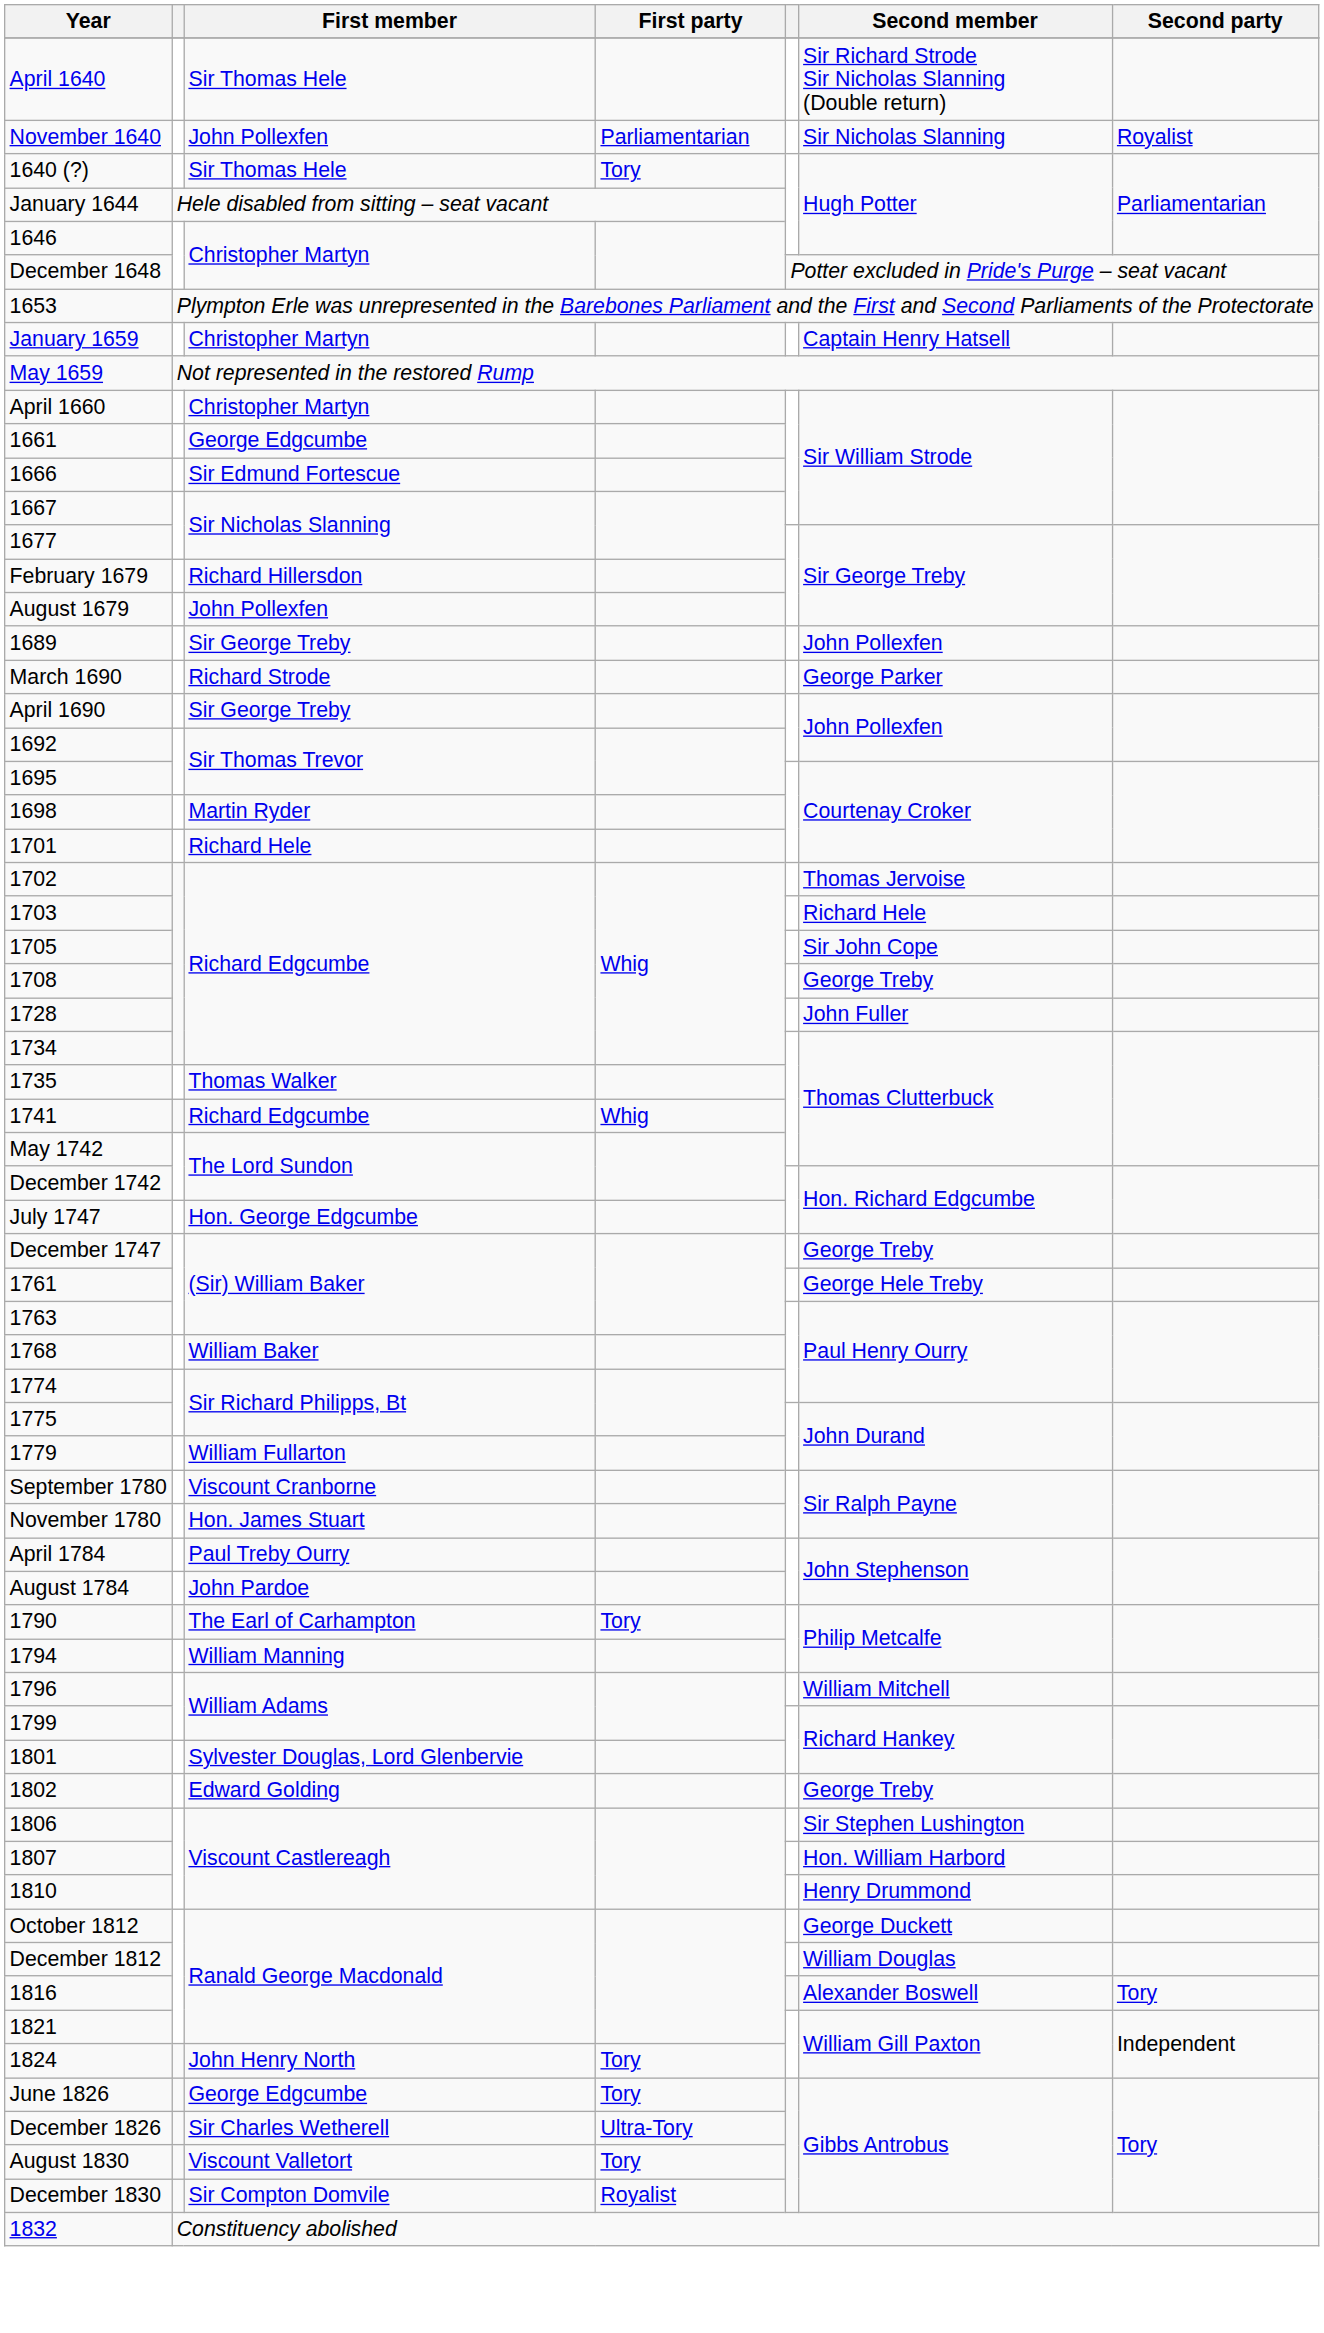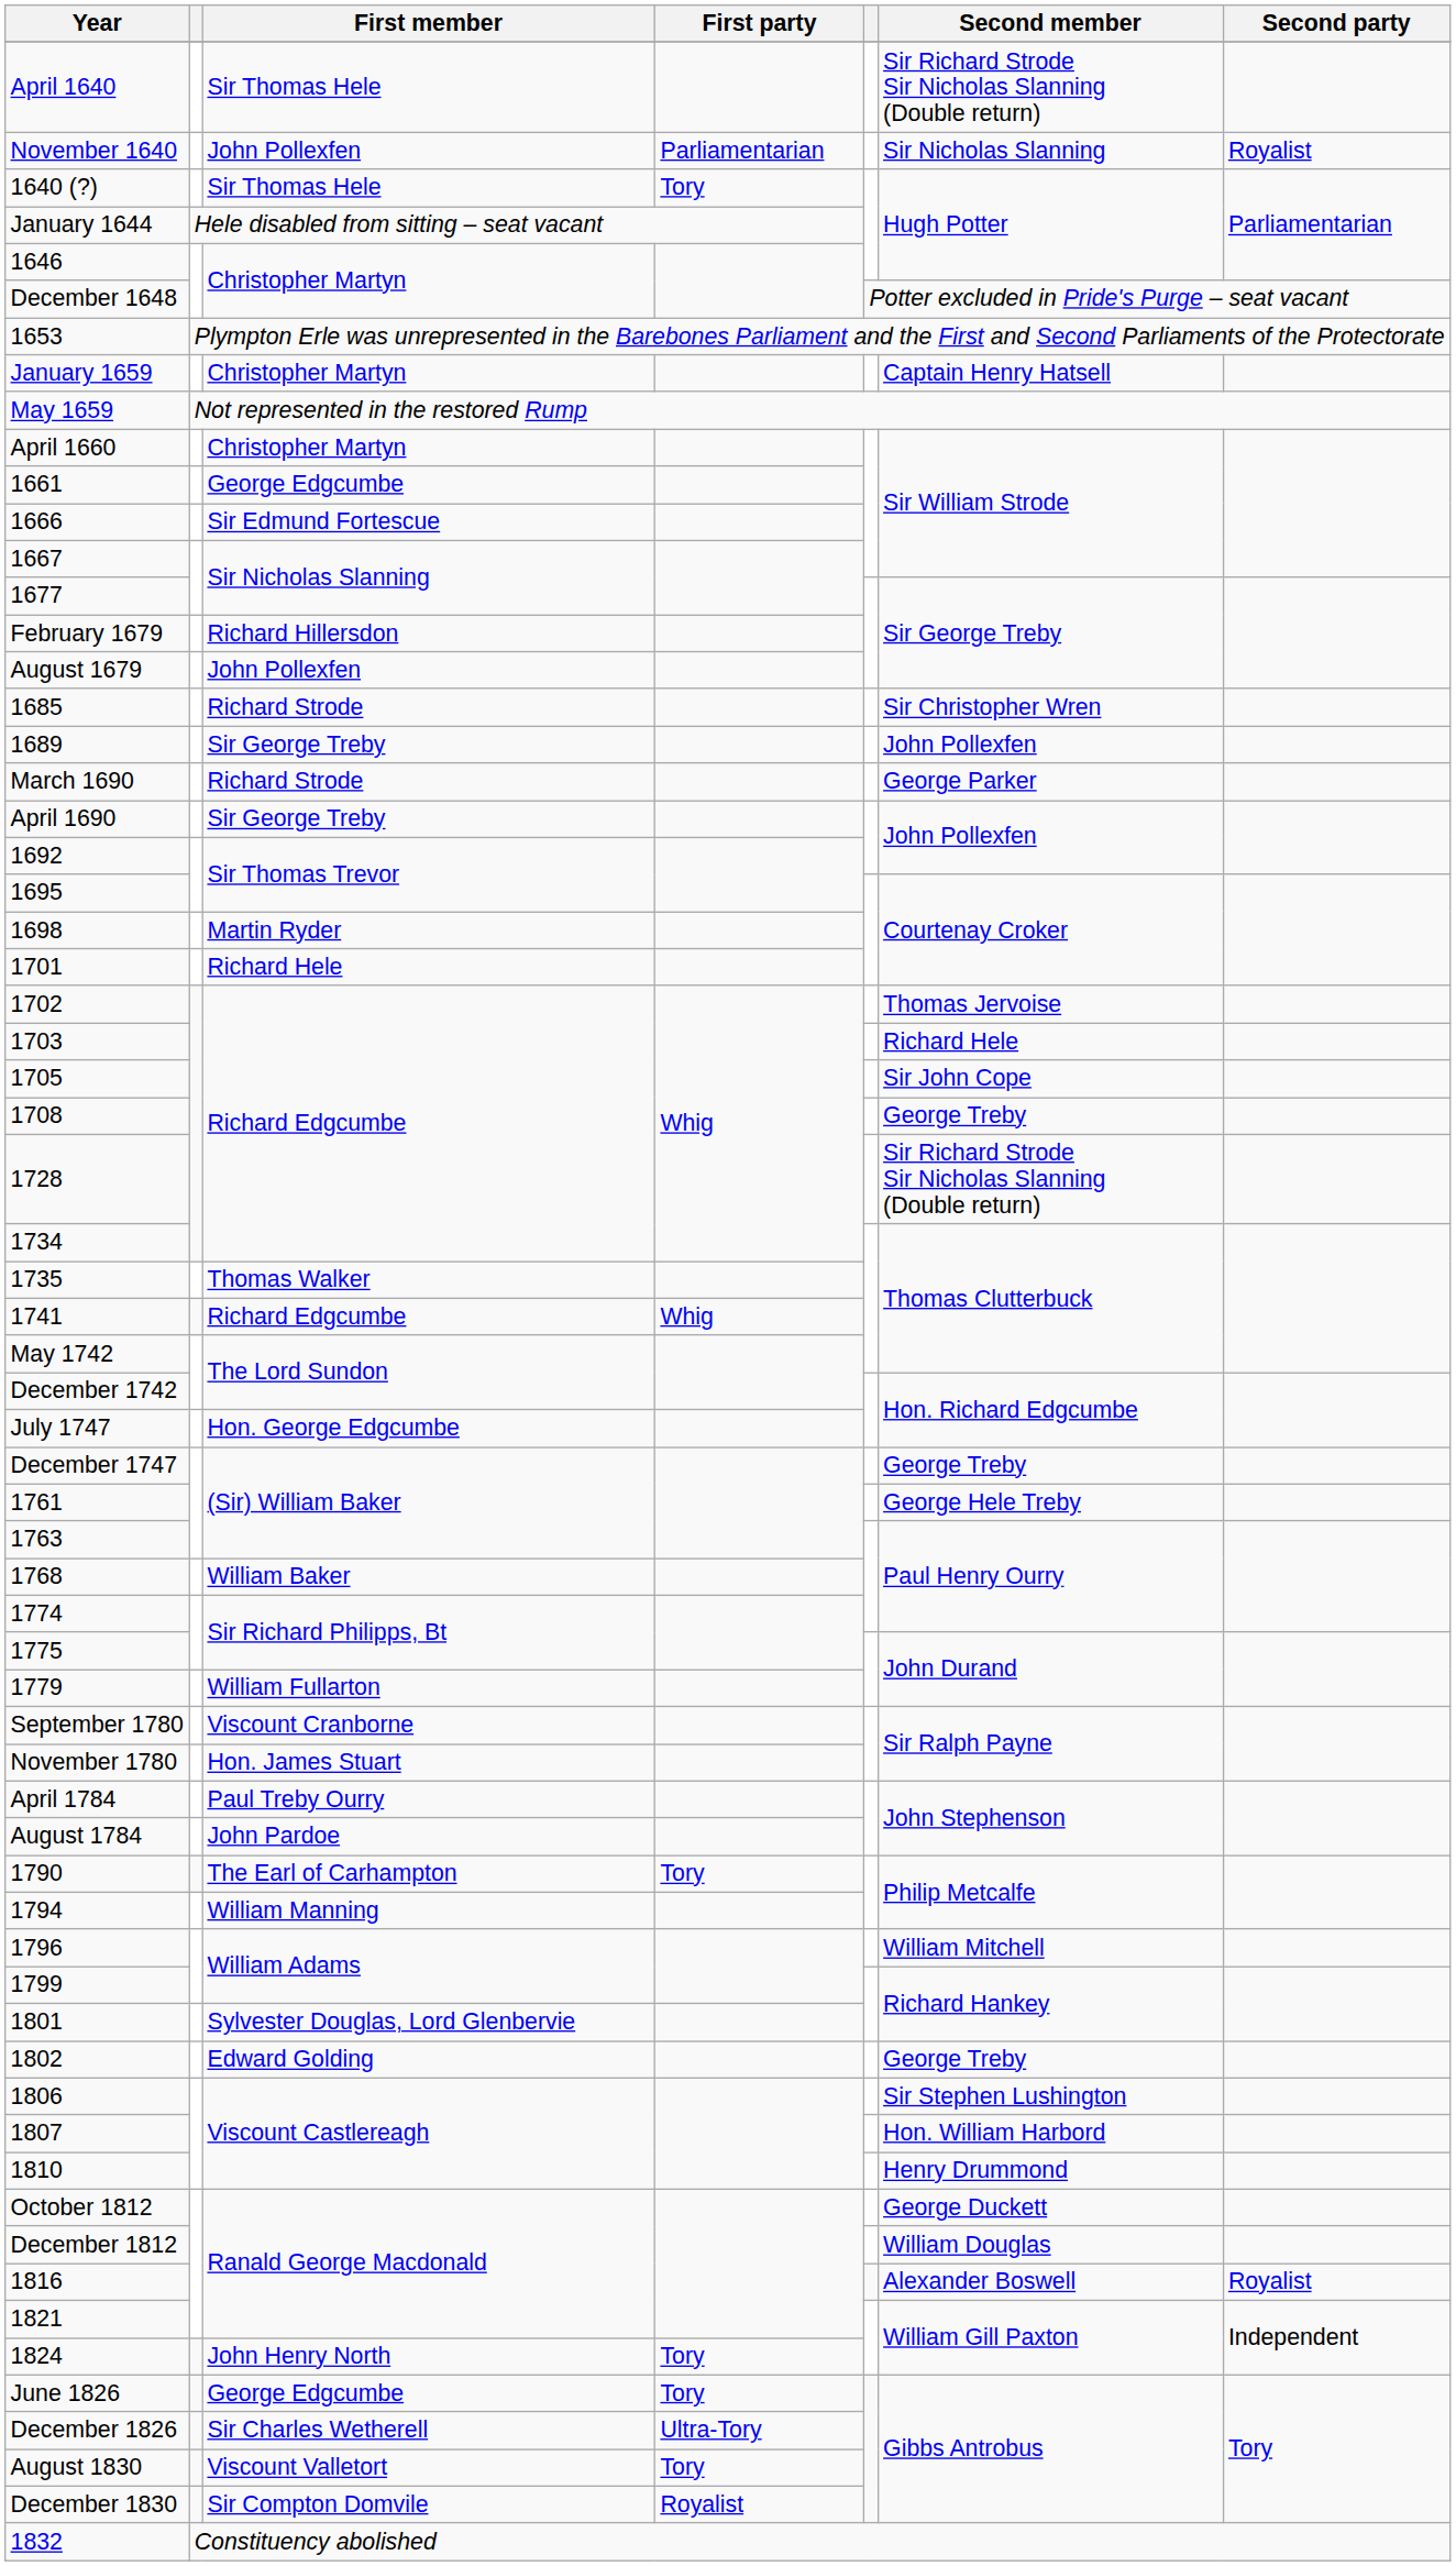 <table class="wikitable">
 <tr>
 <th>Year</th>
 <th></th>
 <th>First member</th>
 <th>First party</th>
 <th></th>
 <th>Second member</th>
 <th>Second party</th>
 </tr>
 <tr>
 </tr>
 <tr>
 <td><a href='#'>April 1640</a></td>
 <td style="color:inherit;background-color: white"></td>
 <td><a href='#'>Sir Thomas Hele</a></td>
 <td></td>
 <td style="color:inherit;background-color: white"></td>
 <td><a href='#'>Sir Richard Strode</a> <br> <a href='#'>Sir Nicholas Slanning</a><br> (Double return)</td>
 <td></td>
 </tr>
 <tr>
 <td><a href='#'>November 1640</a></td>
 <td style="color:inherit;background-color: white"></td>
 <td><a href='#'>John Pollexfen</a></td>
 <td><a href='#'>Parliamentarian</a></td>
 <td style="color:inherit;background-color: white"></td>
 <td><a href='#'>Sir Nicholas Slanning</a></td>
 <td><a href='#'>Royalist</a></td>
 </tr>
 <tr>
 <td>1640 (?)</td>
 <td style="color:inherit;background-color: white"></td>
 <td><a href='#'>Sir Thomas Hele</a></td>
 <td><a href='#'>Tory</a></td>
 <td rowspan="3" style="color:inherit;background-color: white"></td>
 <td rowspan="3"><a href='#'>Hugh Potter</a></td>
 <td rowspan="3"><a href='#'>Parliamentarian</a></td>
 </tr>
 <tr>
 <td>January 1644</td>
 <td colspan="3"><em>Hele disabled from sitting – seat vacant</em></td>
 </tr>
 <tr>
 <td>1646</td>
 <td rowspan="2" style="color:inherit;background-color: white"></td>
 <td rowspan="2"><a href='#'>Christopher Martyn</a></td>
 <td rowspan="2"></td>
 </tr>
 <tr>
 <td>December 1648</td>
 <td colspan="3"><em>Potter excluded in <a href='#'>Pride's Purge</a> – seat vacant</em></td>
 </tr>
 <tr>
 <td>1653</td>
 <td colspan="6"><em>Plympton Erle was unrepresented in the <a href='#'>Barebones Parliament</a> and the <a href='#'>First</a> and <a href='#'>Second</a> Parliaments of the Protectorate</em></td>
 </tr>
 <tr>
 <td><a href='#'>January 1659</a></td>
 <td style="color:inherit;background-color: white"></td>
 <td><a href='#'>Christopher Martyn</a></td>
 <td></td>
 <td style="color:inherit;background-color: white"></td>
 <td><a href='#'>Captain Henry Hatsell</a></td>
 <td></td>
 </tr>
 <tr>
 <td><a href='#'>May 1659</a></td>
 <td colspan="6"><em>Not represented in the restored <a href='#'>Rump</a></em></td>
 </tr>
 <tr>
 <td>April 1660</td>
 <td style="color:inherit;background-color: white"></td>
 <td><a href='#'>Christopher Martyn</a></td>
 <td></td>
 <td rowspan="4" style="color:inherit;background-color: white"></td>
 <td rowspan="4"><a href='#'>Sir William Strode</a></td>
 <td rowspan="4"></td>
 </tr>
 <tr>
 <td>1661</td>
 <td style="color:inherit;background-color: white"></td>
 <td><a href='#'>George Edgcumbe</a></td>
 <td></td>
 </tr>
 <tr>
 <td>1666</td>
 <td style="color:inherit;background-color: white"></td>
 <td><a href='#'>Sir Edmund Fortescue</a></td>
 <td></td>
 </tr>
 <tr>
 <td>1667</td>
 <td rowspan="2" style="color:inherit;background-color: white"></td>
 <td rowspan="2"><a href='#'>Sir Nicholas Slanning</a></td>
 <td rowspan="2"></td>
 </tr>
 <tr>
 <td>1677</td>
 <td rowspan="3" style="color:inherit;background-color: white"></td>
 <td rowspan="3"><a href='#'>Sir George Treby</a></td>
 <td rowspan="3"></td>
 </tr>
 <tr>
 <td>February 1679</td>
 <td style="color:inherit;background-color: white"></td>
 <td><a href='#'>Richard Hillersdon</a></td>
 <td></td>
 </tr>
 <tr>
 <td>August 1679</td>
 <td style="color:inherit;background-color: white"></td>
 <td><a href='#'>John Pollexfen</a></td>
 <td></td>
 </tr>
 <tr>
+<td>1685</td>
+<td style="color:inherit;background-color: white"></td>
+<td><a href='#'>Richard Strode</a></td>
+<td></td>
+<td style="color:inherit;background-color: white"></td>
+<td><a href='#'>Sir Christopher Wren</a></td>
+<td></td>
+</tr>
+<tr>
 <td>1689</td>
 <td style="color:inherit;background-color: white"></td>
 <td><a href='#'>Sir George Treby</a></td>
 <td></td>
 <td style="color:inherit;background-color: white"></td>
 <td><a href='#'>John Pollexfen</a></td>
 <td></td>
 </tr>
 <tr>
 <td>March 1690</td>
 <td style="color:inherit;background-color: white"></td>
 <td><a href='#'>Richard Strode</a></td>
 <td></td>
 <td style="color:inherit;background-color: white"></td>
 <td><a href='#'>George Parker</a></td>
 <td></td>
 </tr>
 <tr>
 <td>April 1690</td>
 <td style="color:inherit;background-color: white"></td>
 <td><a href='#'>Sir George Treby</a></td>
 <td></td>
 <td rowspan="2" style="color:inherit;background-color: white"></td>
 <td rowspan="2"><a href='#'>John Pollexfen</a></td>
 <td rowspan="2"></td>
 </tr>
 <tr>
 <td>1692</td>
 <td rowspan="2"  style="color:inherit;background-color: white"></td>
 <td rowspan="2"><a href='#'>Sir Thomas Trevor</a></td>
 <td rowspan="2"></td>
 </tr>
 <tr>
 <td>1695</td>
 <td rowspan="3" style="color:inherit;background-color: white"></td>
 <td rowspan="3"><a href='#'>Courtenay Croker</a></td>
 <td rowspan="3"></td>
 </tr>
 <tr>
 <td>1698</td>
 <td style="color:inherit;background-color: white"></td>
 <td><a href='#'>Martin Ryder</a></td>
 <td></td>
 </tr>
 <tr>
 <td>1701</td>
 <td style="color:inherit;background-color: white"></td>
 <td><a href='#'>Richard Hele</a></td>
 <td></td>
 </tr>
 <tr>
 <td>1702</td>
 <td rowspan="6" style="color:inherit;background-color: "></td>
 <td rowspan="6"><a href='#'>Richard Edgcumbe</a></td>
 <td rowspan="6"><a href='#'>Whig</a></td>
 <td style="color:inherit;background-color: white"></td>
 <td><a href='#'>Thomas Jervoise</a></td>
 <td></td>
 </tr>
 <tr>
 <td>1703</td>
 <td style="color:inherit;background-color: white"></td>
 <td><a href='#'>Richard Hele</a></td>
 <td></td>
 </tr>
 <tr>
 <td>1705</td>
 <td style="color:inherit;background-color: white"></td>
 <td><a href='#'>Sir John Cope</a></td>
 <td></td>
 </tr>
 <tr>
 <td>1708</td>
 <td style="color:inherit;background-color: white"></td>
 <td><a href='#'>George Treby</a></td>
 <td></td>
 </tr>
 <tr>
 <td>1728</td>
 <td style="color:inherit;background-color: white"></td>
-<td><a href='#'>John Fuller</a></td>
+<td><a href='#'>Sir Richard Strode</a> <br> <a href='#'>Sir Nicholas Slanning</a><br> (Double return)</td>
 <td></td>
 </tr>
 <tr>
 <td>1734</td>
 <td rowspan="4" style="color:inherit;background-color: white"></td>
 <td rowspan="4"><a href='#'>Thomas Clutterbuck</a></td>
 <td rowspan="4"></td>
 </tr>
 <tr>
 <td>1735</td>
 <td style="color:inherit;background-color: white"></td>
 <td><a href='#'>Thomas Walker</a></td>
 <td></td>
 </tr>
 <tr>
 <td>1741</td>
 <td style="color:inherit;background-color: "></td>
 <td><a href='#'>Richard Edgcumbe</a></td>
 <td><a href='#'>Whig</a></td>
 </tr>
 <tr>
 <td>May 1742</td>
 <td rowspan="2" style="color:inherit;background-color: white"></td>
 <td rowspan="2"><a href='#'>The Lord Sundon</a></td>
 <td rowspan="2"></td>
 </tr>
 <tr>
 <td>December 1742</td>
 <td rowspan="2" style="color:inherit;background-color: white"></td>
 <td rowspan="2"><a href='#'>Hon. Richard Edgcumbe</a></td>
 <td rowspan="2"></td>
 </tr>
 <tr>
 <td>July 1747</td>
 <td style="color:inherit;background-color: white"></td>
 <td><a href='#'>Hon. George Edgcumbe</a></td>
 <td></td>
 </tr>
 <tr>
 <td>December 1747</td>
 <td rowspan="3" style="color:inherit;background-color: white"></td>
 <td rowspan="3"><a href='#'>(Sir) William Baker</a></td>
 <td rowspan="3"></td>
 <td style="color:inherit;background-color: white"></td>
 <td><a href='#'>George Treby</a></td>
 <td></td>
 </tr>
 <tr>
 <td>1761</td>
 <td style="color:inherit;background-color: white"></td>
 <td><a href='#'>George Hele Treby</a></td>
 <td></td>
 </tr>
 <tr>
 <td>1763</td>
 <td rowspan="3" style="color:inherit;background-color: white"></td>
 <td rowspan="3"><a href='#'>Paul Henry Ourry</a></td>
 <td rowspan="3"></td>
 </tr>
 <tr>
 <td>1768</td>
 <td style="color:inherit;background-color: white"></td>
 <td><a href='#'>William Baker</a></td>
 <td></td>
 </tr>
 <tr>
 <td>1774</td>
 <td rowspan="2" style="color:inherit;background-color: white"></td>
 <td rowspan="2"><a href='#'>Sir Richard Philipps, Bt</a></td>
 <td rowspan="2"></td>
 </tr>
 <tr>
 <td>1775</td>
 <td rowspan="2" style="color:inherit;background-color: white"></td>
 <td rowspan="2"><a href='#'>John Durand</a></td>
 <td rowspan="2"></td>
 </tr>
 <tr>
 <td>1779</td>
 <td style="color:inherit;background-color: white"></td>
 <td><a href='#'>William Fullarton</a></td>
 <td></td>
 </tr>
 <tr>
 <td>September 1780</td>
 <td style="color:inherit;background-color: white"></td>
 <td><a href='#'>Viscount Cranborne</a></td>
 <td></td>
 <td rowspan="2" style="color:inherit;background-color: white"></td>
 <td rowspan="2"><a href='#'>Sir Ralph Payne</a></td>
 <td rowspan="2"></td>
 </tr>
 <tr>
 <td>November 1780</td>
 <td style="color:inherit;background-color: white"></td>
 <td><a href='#'>Hon. James Stuart</a></td>
 <td></td>
 </tr>
 <tr>
 <td>April 1784</td>
 <td style="color:inherit;background-color: white"></td>
 <td><a href='#'>Paul Treby Ourry</a></td>
 <td></td>
 <td rowspan="2" style="color:inherit;background-color: white"></td>
 <td rowspan="2"><a href='#'>John Stephenson</a></td>
 <td rowspan="2"></td>
 </tr>
 <tr>
 <td>August 1784</td>
 <td style="color:inherit;background-color: white"></td>
 <td><a href='#'>John Pardoe</a></td>
 <td></td>
 </tr>
 <tr>
 <td>1790</td>
 <td style="color:inherit;background-color: "></td>
 <td><a href='#'>The Earl of Carhampton</a></td>
 <td><a href='#'>Tory</a></td>
 <td rowspan="2" style="color:inherit;background-color: white"></td>
 <td rowspan="2"><a href='#'>Philip Metcalfe</a></td>
 <td rowspan="2"></td>
 </tr>
 <tr>
 <td>1794</td>
 <td style="color:inherit;background-color: white"></td>
 <td><a href='#'>William Manning</a></td>
 <td></td>
 </tr>
 <tr>
 <td>1796</td>
 <td rowspan="2" style="color:inherit;background-color: white"></td>
 <td rowspan="2"><a href='#'>William Adams</a></td>
 <td rowspan="2"></td>
 <td style="color:inherit;background-color: white"></td>
 <td><a href='#'>William Mitchell</a></td>
 <td></td>
 </tr>
 <tr>
 <td>1799</td>
 <td rowspan="2" style="color:inherit;background-color: white"></td>
 <td rowspan="2"><a href='#'>Richard Hankey</a></td>
 <td rowspan="2"></td>
 </tr>
 <tr>
 <td>1801</td>
 <td style="color:inherit;background-color: white"></td>
 <td><a href='#'>Sylvester Douglas, Lord Glenbervie</a></td>
 <td></td>
 </tr>
 <tr>
 <td>1802</td>
 <td style="color:inherit;background-color: white"></td>
 <td><a href='#'>Edward Golding</a></td>
 <td></td>
 <td style="color:inherit;background-color: white"></td>
 <td><a href='#'>George Treby</a></td>
 <td></td>
 </tr>
 <tr>
 <td>1806</td>
 <td rowspan="3" style="color:inherit;background-color: white"></td>
 <td rowspan="3"><a href='#'>Viscount Castlereagh</a></td>
 <td rowspan="3"></td>
 <td style="color:inherit;background-color: white"></td>
 <td><a href='#'>Sir Stephen Lushington</a></td>
 <td></td>
 </tr>
 <tr>
 <td>1807</td>
 <td style="color:inherit;background-color: white"></td>
 <td><a href='#'>Hon. William Harbord</a></td>
 <td></td>
 </tr>
 <tr>
 <td>1810</td>
 <td style="color:inherit;background-color: white"></td>
 <td><a href='#'>Henry Drummond</a></td>
 <td></td>
 </tr>
 <tr>
 <td>October 1812</td>
 <td rowspan="4" style="color:inherit;background-color: white"></td>
 <td rowspan="4"><a href='#'>Ranald George Macdonald</a></td>
 <td rowspan="4"></td>
 <td style="color:inherit;background-color: white"></td>
 <td><a href='#'>George Duckett</a></td>
 <td></td>
 </tr>
 <tr>
 <td>December 1812</td>
 <td style="color:inherit;background-color: white"></td>
 <td><a href='#'>William Douglas</a></td>
 <td></td>
 </tr>
 <tr>
 <td>1816</td>
 <td style="color:inherit;background-color: "></td>
 <td><a href='#'>Alexander Boswell</a></td>
-<td><a href='#'>Tory</a></td>
+<td><a href='#'>Royalist</a></td>
 </tr>
 <tr>
 <td>1821</td>
 <td rowspan="2" style="color:inherit;background-color: white"></td>
 <td rowspan="2"><a href='#'>William Gill Paxton</a></td>
 <td rowspan="2">Independent</td>
 </tr>
 <tr>
 <td>1824</td>
 <td style="color:inherit;background-color: "></td>
 <td><a href='#'>John Henry North</a></td>
 <td><a href='#'>Tory</a></td>
 </tr>
 <tr>
 <td>June 1826</td>
 <td style="color:inherit;background-color: "></td>
 <td><a href='#'>George Edgcumbe</a></td>
 <td><a href='#'>Tory</a></td>
 <td rowspan="4" style="color:inherit;background-color: "></td>
 <td rowspan="4"><a href='#'>Gibbs Antrobus</a></td>
 <td rowspan="4"><a href='#'>Tory</a></td>
 </tr>
 <tr>
 <td>December 1826</td>
 <td style="color:inherit;background-color: "></td>
 <td><a href='#'>Sir Charles Wetherell</a></td>
 <td><a href='#'>Ultra-Tory</a></td>
 </tr>
 <tr>
 <td>August 1830</td>
 <td style="color:inherit;background-color: "></td>
 <td><a href='#'>Viscount Valletort</a></td>
 <td><a href='#'>Tory</a></td>
 </tr>
 <tr>
 <td>December 1830</td>
 <td style="color:inherit;background-color: "></td>
 <td><a href='#'>Sir Compton Domvile</a></td>
 <td><a href='#'>Royalist</a></td>
 </tr>
 <tr>
 <td><a href='#'>1832</a></td>
 <td colspan="6"><em>Constituency abolished</em></td>
 </tr>
 </table>
